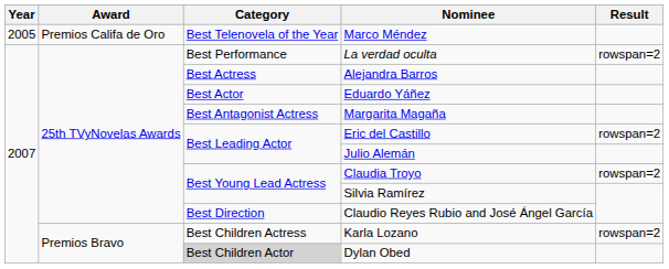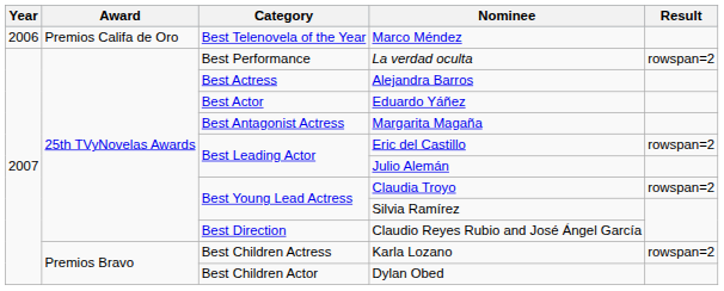 <table class="wikitable">
 <tr style="background:#b0c4de;">
 <th>Year</th>
 <th>Award</th>
 <th>Category</th>
 <th>Nominee</th>
 <th>Result</th>
 </tr>
 <tr>
-<td>2005</td>
+<td>2006</td>
 <td>Premios Califa de Oro</td>
 <td><a href='#'>Best Telenovela of the Year</a></td>
 <td><a href='#'>Marco Méndez</a></td>
 <td></td>
 </tr>
 <tr>
 <td rowspan=11>2007</td>
 <td rowspan=9><a href='#'>25th TVyNovelas Awards</a></td>
 <td>Best Performance</td>
 <td><em>La verdad oculta</em></td>
 <td>rowspan=2 </td>
 </tr>
 <tr>
 <td><a href='#'>Best Actress</a></td>
 <td><a href='#'>Alejandra Barros</a></td>
 </tr>
 <tr>
 <td><a href='#'>Best Actor</a></td>
 <td><a href='#'>Eduardo Yáñez</a></td>
 <td></td>
 </tr>
 <tr>
 <td><a href='#'>Best Antagonist Actress</a></td>
 <td><a href='#'>Margarita Magaña</a></td>
 <td></td>
 </tr>
 <tr>
 <td rowspan=2><a href='#'>Best Leading Actor</a></td>
 <td><a href='#'>Eric del Castillo</a></td>
 <td>rowspan=2 </td>
 </tr>
 <tr>
 <td><a href='#'>Julio Alemán</a></td>
 </tr>
 <tr>
 <td rowspan=2><a href='#'>Best Young Lead Actress</a></td>
 <td><a href='#'>Claudia Troyo</a></td>
 <td>rowspan=2 </td>
 </tr>
 <tr>
 <td>Silvia Ramírez</td>
 </tr>
 <tr>
 <td><a href='#'>Best Direction</a></td>
 <td>Claudio Reyes Rubio and José Ángel García</td>
 </tr>
 <tr>
 <td rowspan=2>Premios Bravo</td>
 <td>Best Children Actress</td>
 <td>Karla Lozano</td>
 <td>rowspan=2 </td>
 </tr>
 <tr>
-<td style="background: lightgrey;">Best Children Actor</td>
+<td>Best Children Actor</td>
 <td>Dylan Obed</td>
 </tr>
 </table>
